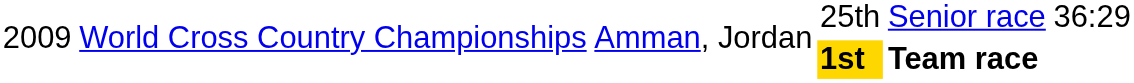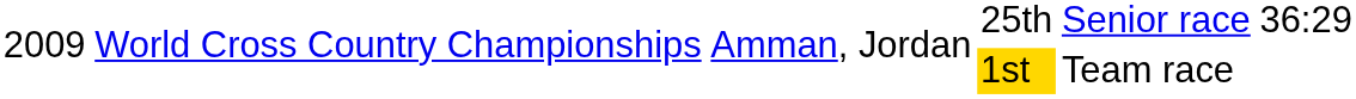 <table>
 <tr>
 <td rowspan=2>2009</td>
 <td rowspan=2><a href='#'>World Cross Country Championships</a></td>
 <td rowspan=2><a href='#'>Amman</a>, Jordan</td>
 <td>25th</td>
 <td><a href='#'>Senior race</a></td>
 <td>36:29</td>
 </tr>
 <tr>
-<td bgcolor=gold><strong>1st</strong></td>
-<td><strong>Team race</strong></td>
+<td bgcolor=gold>1st</td>
+<td>Team race</td>
 <td></td>
 </tr>
 </table>
